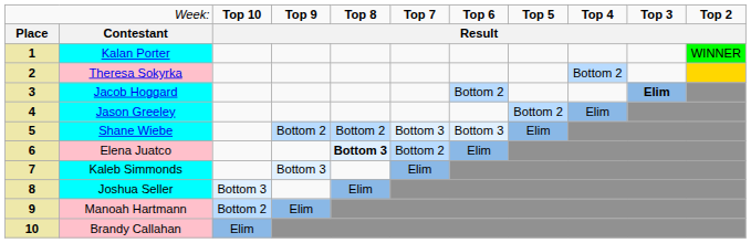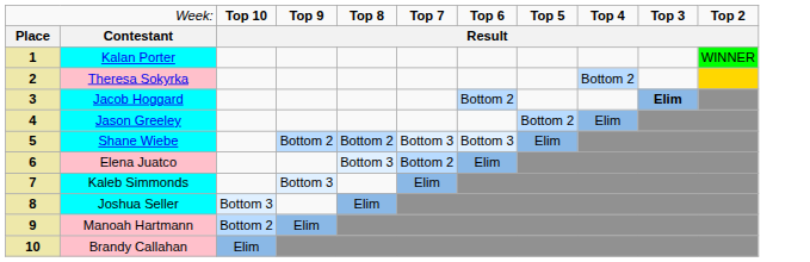 <table class="wikitable" style="text-align:center; font-size:85%">
 <tr>
 <td colspan="2" style="text-align:right;"><em>Week:</em></td>
 <td style="text-align:center; width:8%;"><strong>Top 10</strong></td>
 <td style="text-align:center; width:8%;"><strong>Top 9</strong></td>
 <td style="text-align:center; width:8%;"><strong>Top 8</strong></td>
 <td style="text-align:center; width:8%;"><strong>Top 7</strong></td>
 <td style="text-align:center; width:8%;"><strong>Top 6</strong></td>
 <td style="text-align:center; width:8%;"><strong>Top 5</strong></td>
 <td style="text-align:center; width:8%;"><strong>Top 4</strong></td>
 <td style="text-align:center; width:8%;"><strong>Top 3</strong></td>
 <td style="text-align:center; width:8%;"><strong>Top 2</strong></td>
 </tr>
 <tr>
 <th>Place</th>
 <th>Contestant</th>
 <th colspan="9" style="text-align:center;">Result</th>
 </tr>
 <tr>
 <td style="text-align:center; background:palegoldenrod;"><strong>1</strong></td>
 <td style="background:cyan;"><a href='#'>Kalan Porter</a></td>
 <td></td>
 <td></td>
 <td></td>
 <td></td>
 <td></td>
 <td></td>
 <td></td>
 <td></td>
 <td style="background:lime;">WINNER</td>
 </tr>
 <tr>
 <td style="text-align:center; background:palegoldenrod;"><strong>2</strong></td>
 <td style="background:pink;"><a href='#'>Theresa Sokyrka</a></td>
 <td></td>
 <td></td>
 <td></td>
 <td></td>
 <td></td>
 <td></td>
 <td style="background:#b8dbff;">Bottom 2</td>
 <td></td>
 <td style="background:gold;"></td>
 </tr>
 <tr>
 <td style="text-align:center; background:palegoldenrod;"><strong>3</strong></td>
 <td style="background:cyan;"><a href='#'>Jacob Hoggard</a></td>
 <td></td>
 <td></td>
 <td></td>
 <td></td>
 <td style="background:#b8dbff;">Bottom 2</td>
 <td></td>
 <td></td>
 <td style="background:#8ab8e6; text-align:center;"><strong>Elim</strong></td>
 <td style="background:#919191;"></td>
 </tr>
 <tr>
 <td style="text-align:center; background:palegoldenrod;"><strong>4</strong></td>
 <td style="background:cyan;"><a href='#'>Jason Greeley</a></td>
 <td></td>
 <td></td>
 <td></td>
 <td></td>
 <td></td>
 <td style="background:#b8dbff;">Bottom 2</td>
 <td style="background:#8ab8e6; text-align:center;">Elim</td>
 <td style="background:#919191;" colspan="2"></td>
 </tr>
 <tr>
 <td style="text-align:center; background:palegoldenrod;"><strong>5</strong></td>
 <td style="background:cyan;"><a href='#'>Shane Wiebe</a></td>
 <td></td>
 <td style="background:#b8dbff;">Bottom 2</td>
 <td style="background:#b8dbff;">Bottom 2</td>
 <td style="background:#e0f0ff;">Bottom 3</td>
 <td style="background:#e0f0ff;">Bottom 3</td>
 <td style="background:#8ab8e6; text-align:center;">Elim</td>
 <td style="background:#919191;" colspan="3"></td>
 </tr>
 <tr>
 <td style="text-align:center; background:palegoldenrod;"><strong>6</strong></td>
 <td style="background:pink;">Elena Juatco</td>
 <td></td>
 <td></td>
-<td style="background:#e0f0ff;"><strong>Bottom 3</strong></td>
+<td style="background:#e0f0ff;">Bottom 3</td>
 <td style="background:#b8dbff;">Bottom 2</td>
 <td style="background:#8ab8e6; text-align:center;">Elim</td>
 <td style="background:#919191;" colspan="4"></td>
 </tr>
 <tr>
 <td style="text-align:center; background:palegoldenrod;"><strong>7</strong></td>
 <td style="background:cyan;">Kaleb Simmonds</td>
 <td></td>
 <td style="background:#e0f0ff;">Bottom 3</td>
 <td></td>
 <td style="background:#8ab8e6; text-align:center;">Elim</td>
 <td style="background:#919191;" colspan="5"></td>
 </tr>
 <tr>
 <td style="text-align:center; background:palegoldenrod;"><strong>8</strong></td>
 <td style="background:cyan;">Joshua Seller</td>
 <td style="background:#e0f0ff;">Bottom 3</td>
 <td></td>
 <td style="background:#8ab8e6; text-align:center;">Elim</td>
 <td style="background:#919191;" colspan="6"></td>
 </tr>
 <tr>
 <td style="text-align:center; background:palegoldenrod;"><strong>9</strong></td>
 <td style="background:pink;">Manoah Hartmann</td>
 <td style="background:#b8dbff;">Bottom 2</td>
 <td style="background:#8ab8e6; text-align:center;">Elim</td>
 <td style="background:#919191;" colspan="7"></td>
 </tr>
 <tr>
 <td style="text-align:center; background:palegoldenrod;"><strong>10</strong></td>
 <td style="background:pink;">Brandy Callahan</td>
 <td style="background:#8ab8e6; text-align:center;">Elim</td>
 <td style="background:#919191;" colspan="8"></td>
 </tr>
 </table>
